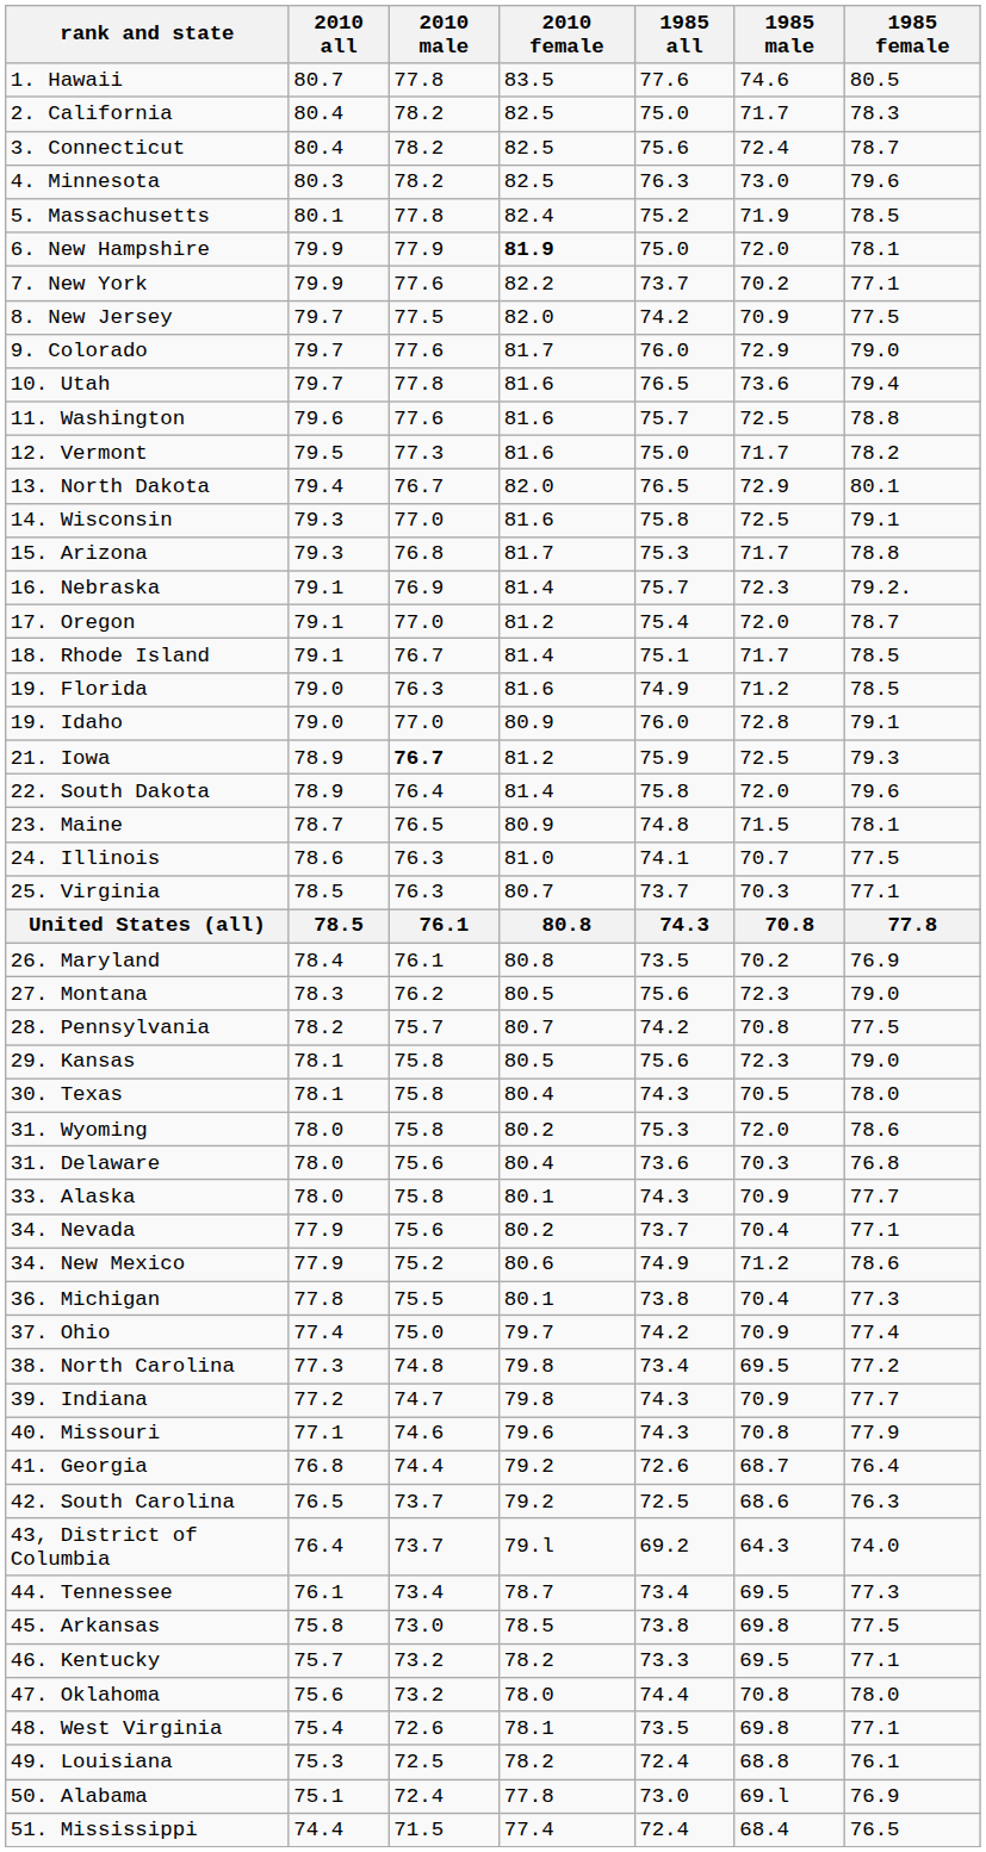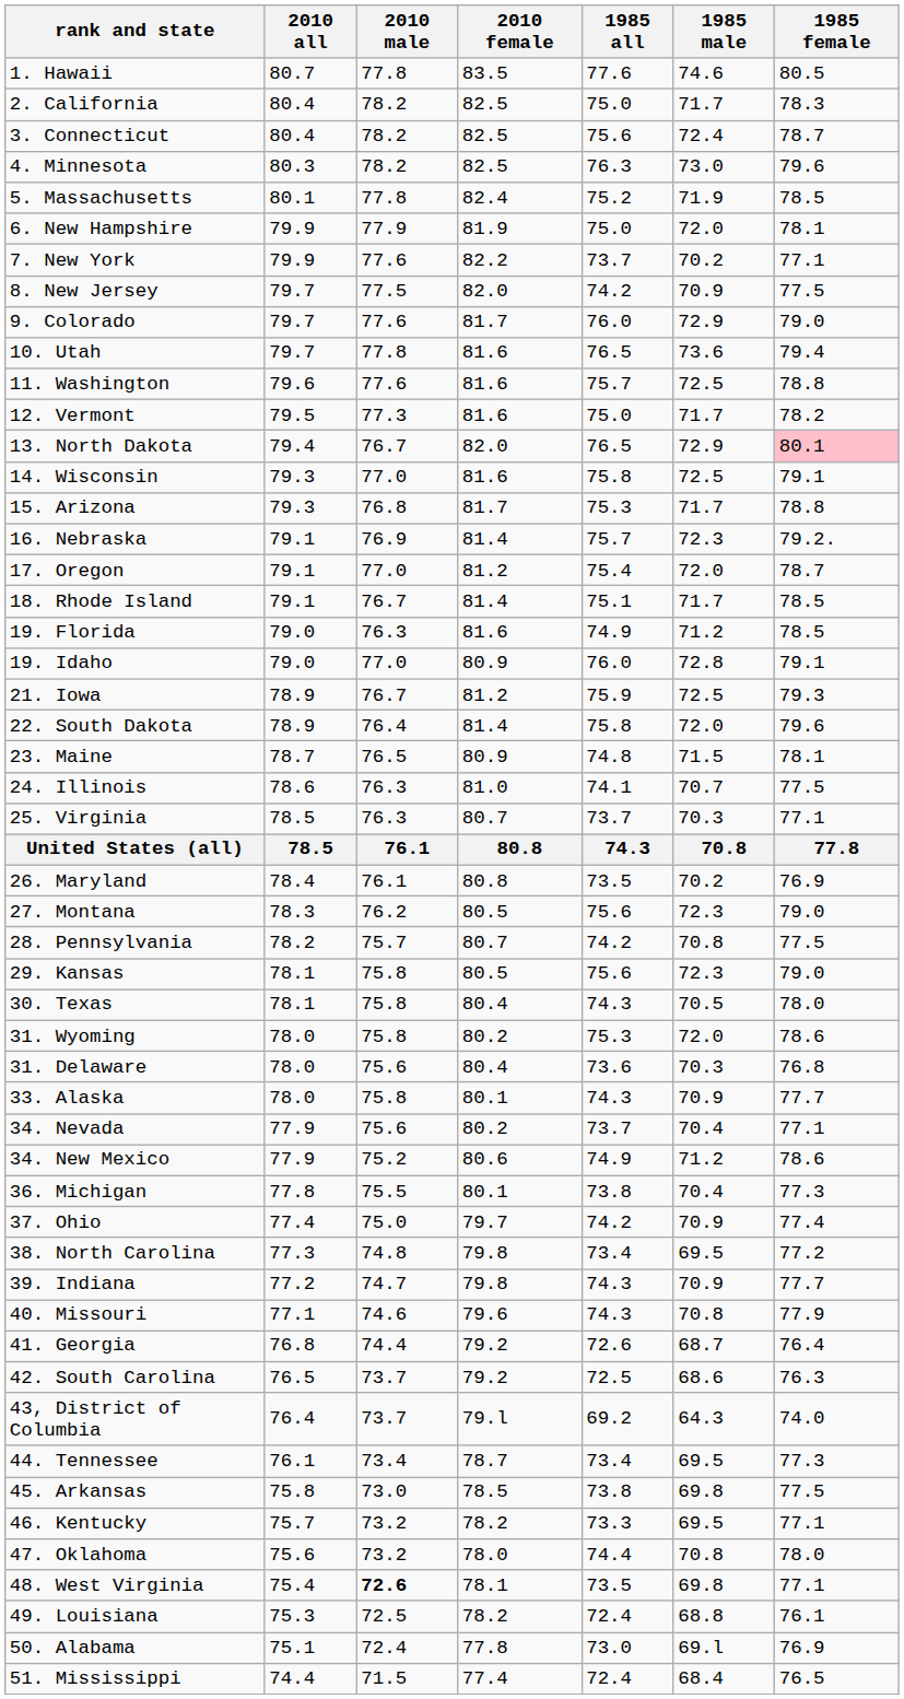 <table class="wikitable sortable">
 <tr>
 <th>rank and state</th>
 <th>2010 all</th>
 <th>2010 male</th>
 <th>2010 female</th>
 <th>1985 all</th>
 <th>1985 male</th>
 <th>1985 female</th>
 </tr>
 <tr>
 <td>1. Hawaii</td>
 <td>80.7</td>
 <td>77.8</td>
 <td>83.5</td>
 <td>77.6</td>
 <td>74.6</td>
 <td>80.5</td>
 </tr>
 <tr>
 <td>2. California</td>
 <td>80.4</td>
 <td>78.2</td>
 <td>82.5</td>
 <td>75.0</td>
 <td>71.7</td>
 <td>78.3</td>
 </tr>
 <tr>
 <td>3. Connecticut</td>
 <td>80.4</td>
 <td>78.2</td>
 <td>82.5</td>
 <td>75.6</td>
 <td>72.4</td>
 <td>78.7</td>
 </tr>
 <tr>
 <td>4. Minnesota</td>
 <td>80.3</td>
 <td>78.2</td>
 <td>82.5</td>
 <td>76.3</td>
 <td>73.0</td>
 <td>79.6</td>
 </tr>
 <tr>
 <td>5. Massachusetts</td>
 <td>80.1</td>
 <td>77.8</td>
 <td>82.4</td>
 <td>75.2</td>
 <td>71.9</td>
 <td>78.5</td>
 </tr>
 <tr>
 <td>6. New Hampshire</td>
 <td>79.9</td>
 <td>77.9</td>
-<td><strong>81.9</strong></td>
+<td>81.9</td>
 <td>75.0</td>
 <td>72.0</td>
 <td>78.1</td>
 </tr>
 <tr>
 <td>7. New York</td>
 <td>79.9</td>
 <td>77.6</td>
 <td>82.2</td>
 <td>73.7</td>
 <td>70.2</td>
 <td>77.1</td>
 </tr>
 <tr>
 <td>8. New Jersey</td>
 <td>79.7</td>
 <td>77.5</td>
 <td>82.0</td>
 <td>74.2</td>
 <td>70.9</td>
 <td>77.5</td>
 </tr>
 <tr>
 <td>9. Colorado</td>
 <td>79.7</td>
 <td>77.6</td>
 <td>81.7</td>
 <td>76.0</td>
 <td>72.9</td>
 <td>79.0</td>
 </tr>
 <tr>
 <td>10. Utah</td>
 <td>79.7</td>
 <td>77.8</td>
 <td>81.6</td>
 <td>76.5</td>
 <td>73.6</td>
 <td>79.4</td>
 </tr>
 <tr>
 <td>11. Washington</td>
 <td>79.6</td>
 <td>77.6</td>
 <td>81.6</td>
 <td>75.7</td>
 <td>72.5</td>
 <td>78.8</td>
 </tr>
 <tr>
 <td>12. Vermont</td>
 <td>79.5</td>
 <td>77.3</td>
 <td>81.6</td>
 <td>75.0</td>
 <td>71.7</td>
 <td>78.2</td>
 </tr>
 <tr>
 <td>13. North Dakota</td>
 <td>79.4</td>
 <td>76.7</td>
 <td>82.0</td>
 <td>76.5</td>
 <td>72.9</td>
-<td>80.1</td>
+<td style="background: pink;">80.1</td>
 </tr>
 <tr>
 <td>14. Wisconsin</td>
 <td>79.3</td>
 <td>77.0</td>
 <td>81.6</td>
 <td>75.8</td>
 <td>72.5</td>
 <td>79.1</td>
 </tr>
 <tr>
 <td>15. Arizona</td>
 <td>79.3</td>
 <td>76.8</td>
 <td>81.7</td>
 <td>75.3</td>
 <td>71.7</td>
 <td>78.8</td>
 </tr>
 <tr>
 <td>16. Nebraska</td>
 <td>79.1</td>
 <td>76.9</td>
 <td>81.4</td>
 <td>75.7</td>
 <td>72.3</td>
 <td>79.2.</td>
 </tr>
 <tr>
 <td>17. Oregon</td>
 <td>79.1</td>
 <td>77.0</td>
 <td>81.2</td>
 <td>75.4</td>
 <td>72.0</td>
 <td>78.7</td>
 </tr>
 <tr>
 <td>18. Rhode Island</td>
 <td>79.1</td>
 <td>76.7</td>
 <td>81.4</td>
 <td>75.1</td>
 <td>71.7</td>
 <td>78.5</td>
 </tr>
 <tr>
 <td>19. Florida</td>
 <td>79.0</td>
 <td>76.3</td>
 <td>81.6</td>
 <td>74.9</td>
 <td>71.2</td>
 <td>78.5</td>
 </tr>
 <tr>
 <td>19. Idaho</td>
 <td>79.0</td>
 <td>77.0</td>
 <td>80.9</td>
 <td>76.0</td>
 <td>72.8</td>
 <td>79.1</td>
 </tr>
 <tr>
 <td>21. Iowa</td>
 <td>78.9</td>
-<td><strong>76.7</strong></td>
+<td>76.7</td>
 <td>81.2</td>
 <td>75.9</td>
 <td>72.5</td>
 <td>79.3</td>
 </tr>
 <tr>
 <td>22. South Dakota</td>
 <td>78.9</td>
 <td>76.4</td>
 <td>81.4</td>
 <td>75.8</td>
 <td>72.0</td>
 <td>79.6</td>
 </tr>
 <tr>
 <td>23. Maine</td>
 <td>78.7</td>
 <td>76.5</td>
 <td>80.9</td>
 <td>74.8</td>
 <td>71.5</td>
 <td>78.1</td>
 </tr>
 <tr>
 <td>24. Illinois</td>
 <td>78.6</td>
 <td>76.3</td>
 <td>81.0</td>
 <td>74.1</td>
 <td>70.7</td>
 <td>77.5</td>
 </tr>
 <tr>
 <td>25. Virginia</td>
 <td>78.5</td>
 <td>76.3</td>
 <td>80.7</td>
 <td>73.7</td>
 <td>70.3</td>
 <td>77.1</td>
 </tr>
 <tr>
 <th>United States (all)</th>
 <th>78.5</th>
 <th>76.1</th>
 <th>80.8</th>
 <th>74.3</th>
 <th>70.8</th>
 <th>77.8</th>
 </tr>
 <tr>
 <td>26. Maryland</td>
 <td>78.4</td>
 <td>76.1</td>
 <td>80.8</td>
 <td>73.5</td>
 <td>70.2</td>
 <td>76.9</td>
 </tr>
 <tr>
 <td>27. Montana</td>
 <td>78.3</td>
 <td>76.2</td>
 <td>80.5</td>
 <td>75.6</td>
 <td>72.3</td>
 <td>79.0</td>
 </tr>
 <tr>
 <td>28. Pennsylvania</td>
 <td>78.2</td>
 <td>75.7</td>
 <td>80.7</td>
 <td>74.2</td>
 <td>70.8</td>
 <td>77.5</td>
 </tr>
 <tr>
 <td>29. Kansas</td>
 <td>78.1</td>
 <td>75.8</td>
 <td>80.5</td>
 <td>75.6</td>
 <td>72.3</td>
 <td>79.0</td>
 </tr>
 <tr>
 <td>30. Texas</td>
 <td>78.1</td>
 <td>75.8</td>
 <td>80.4</td>
 <td>74.3</td>
 <td>70.5</td>
 <td>78.0</td>
 </tr>
 <tr>
 <td>31. Wyoming</td>
 <td>78.0</td>
 <td>75.8</td>
 <td>80.2</td>
 <td>75.3</td>
 <td>72.0</td>
 <td>78.6</td>
 </tr>
 <tr>
 <td>31. Delaware</td>
 <td>78.0</td>
 <td>75.6</td>
 <td>80.4</td>
 <td>73.6</td>
 <td>70.3</td>
 <td>76.8</td>
 </tr>
 <tr>
 <td>33. Alaska</td>
 <td>78.0</td>
 <td>75.8</td>
 <td>80.1</td>
 <td>74.3</td>
 <td>70.9</td>
 <td>77.7</td>
 </tr>
 <tr>
 <td>34. Nevada</td>
 <td>77.9</td>
 <td>75.6</td>
 <td>80.2</td>
 <td>73.7</td>
 <td>70.4</td>
 <td>77.1</td>
 </tr>
 <tr>
 <td>34. New Mexico</td>
 <td>77.9</td>
 <td>75.2</td>
 <td>80.6</td>
 <td>74.9</td>
 <td>71.2</td>
 <td>78.6</td>
 </tr>
 <tr>
 <td>36. Michigan</td>
 <td>77.8</td>
 <td>75.5</td>
 <td>80.1</td>
 <td>73.8</td>
 <td>70.4</td>
 <td>77.3</td>
 </tr>
 <tr>
 <td>37. Ohio</td>
 <td>77.4</td>
 <td>75.0</td>
 <td>79.7</td>
 <td>74.2</td>
 <td>70.9</td>
 <td>77.4</td>
 </tr>
 <tr>
 <td>38. North Carolina</td>
 <td>77.3</td>
 <td>74.8</td>
 <td>79.8</td>
 <td>73.4</td>
 <td>69.5</td>
 <td>77.2</td>
 </tr>
 <tr>
 <td>39. Indiana</td>
 <td>77.2</td>
 <td>74.7</td>
 <td>79.8</td>
 <td>74.3</td>
 <td>70.9</td>
 <td>77.7</td>
 </tr>
 <tr>
 <td>40. Missouri</td>
 <td>77.1</td>
 <td>74.6</td>
 <td>79.6</td>
 <td>74.3</td>
 <td>70.8</td>
 <td>77.9</td>
 </tr>
 <tr>
 <td>41. Georgia</td>
 <td>76.8</td>
 <td>74.4</td>
 <td>79.2</td>
 <td>72.6</td>
 <td>68.7</td>
 <td>76.4</td>
 </tr>
 <tr>
 <td>42. South Carolina</td>
 <td>76.5</td>
 <td>73.7</td>
 <td>79.2</td>
 <td>72.5</td>
 <td>68.6</td>
 <td>76.3</td>
 </tr>
 <tr>
 <td>43, District of Columbia</td>
 <td>76.4</td>
 <td>73.7</td>
 <td>79.l</td>
 <td>69.2</td>
 <td>64.3</td>
 <td>74.0</td>
 </tr>
 <tr>
 <td>44. Tennessee</td>
 <td>76.1</td>
 <td>73.4</td>
 <td>78.7</td>
 <td>73.4</td>
 <td>69.5</td>
 <td>77.3</td>
 </tr>
 <tr>
 <td>45. Arkansas</td>
 <td>75.8</td>
 <td>73.0</td>
 <td>78.5</td>
 <td>73.8</td>
 <td>69.8</td>
 <td>77.5</td>
 </tr>
 <tr>
 <td>46. Kentucky</td>
 <td>75.7</td>
 <td>73.2</td>
 <td>78.2</td>
 <td>73.3</td>
 <td>69.5</td>
 <td>77.1</td>
 </tr>
 <tr>
 <td>47. Oklahoma</td>
 <td>75.6</td>
 <td>73.2</td>
 <td>78.0</td>
 <td>74.4</td>
 <td>70.8</td>
 <td>78.0</td>
 </tr>
 <tr>
 <td>48. West Virginia</td>
 <td>75.4</td>
-<td>72.6</td>
+<td><strong>72.6</strong></td>
 <td>78.1</td>
 <td>73.5</td>
 <td>69.8</td>
 <td>77.1</td>
 </tr>
 <tr>
 <td>49. Louisiana</td>
 <td>75.3</td>
 <td>72.5</td>
 <td>78.2</td>
 <td>72.4</td>
 <td>68.8</td>
 <td>76.1</td>
 </tr>
 <tr>
 <td>50. Alabama</td>
 <td>75.1</td>
 <td>72.4</td>
 <td>77.8</td>
 <td>73.0</td>
 <td>69.l</td>
 <td>76.9</td>
 </tr>
 <tr>
 <td>51. Mississippi</td>
 <td>74.4</td>
 <td>71.5</td>
 <td>77.4</td>
 <td>72.4</td>
 <td>68.4</td>
 <td>76.5</td>
 </tr>
 <tr>
 </tr>
 </table>
